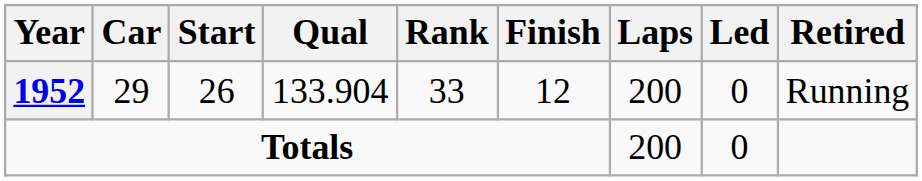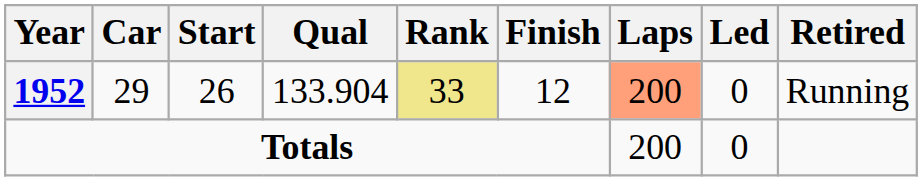 <table class="wikitable" style="text-align:center">
 <tr>
 <th>Year</th>
 <th>Car</th>
 <th>Start</th>
 <th>Qual</th>
 <th>Rank</th>
 <th>Finish</th>
 <th>Laps</th>
 <th>Led</th>
 <th>Retired</th>
 </tr>
 <tr>
 <th><a href='#'>1952</a></th>
 <td>29</td>
 <td>26</td>
 <td>133.904</td>
-<td>33</td>
+<td style="background: khaki;">33</td>
 <td>12</td>
-<td>200</td>
+<td style="background: lightsalmon;">200</td>
 <td>0</td>
 <td>Running</td>
 </tr>
 <tr>
 <td colspan=6><strong>Totals</strong></td>
 <td>200</td>
 <td>0</td>
 <td></td>
 </tr>
 </table>
